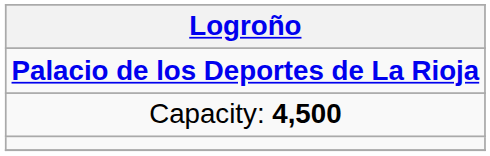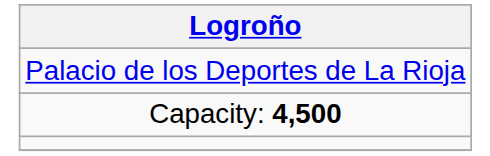 <table class="wikitable" style="margin:1em auto; text-align:center">
 <tr>
 <th><a href='#'>Logroño</a></th>
 </tr>
 <tr>
-<td><strong><a href='#'>Palacio de los Deportes de La Rioja</a></strong></td>
+<td><a href='#'>Palacio de los Deportes de La Rioja</a></td>
 </tr>
 <tr>
 <td>Capacity: <strong>4,500</strong></td>
 </tr>
 <tr>
 <td></td>
 </tr>
 <tr>
 </tr>
 </table>
